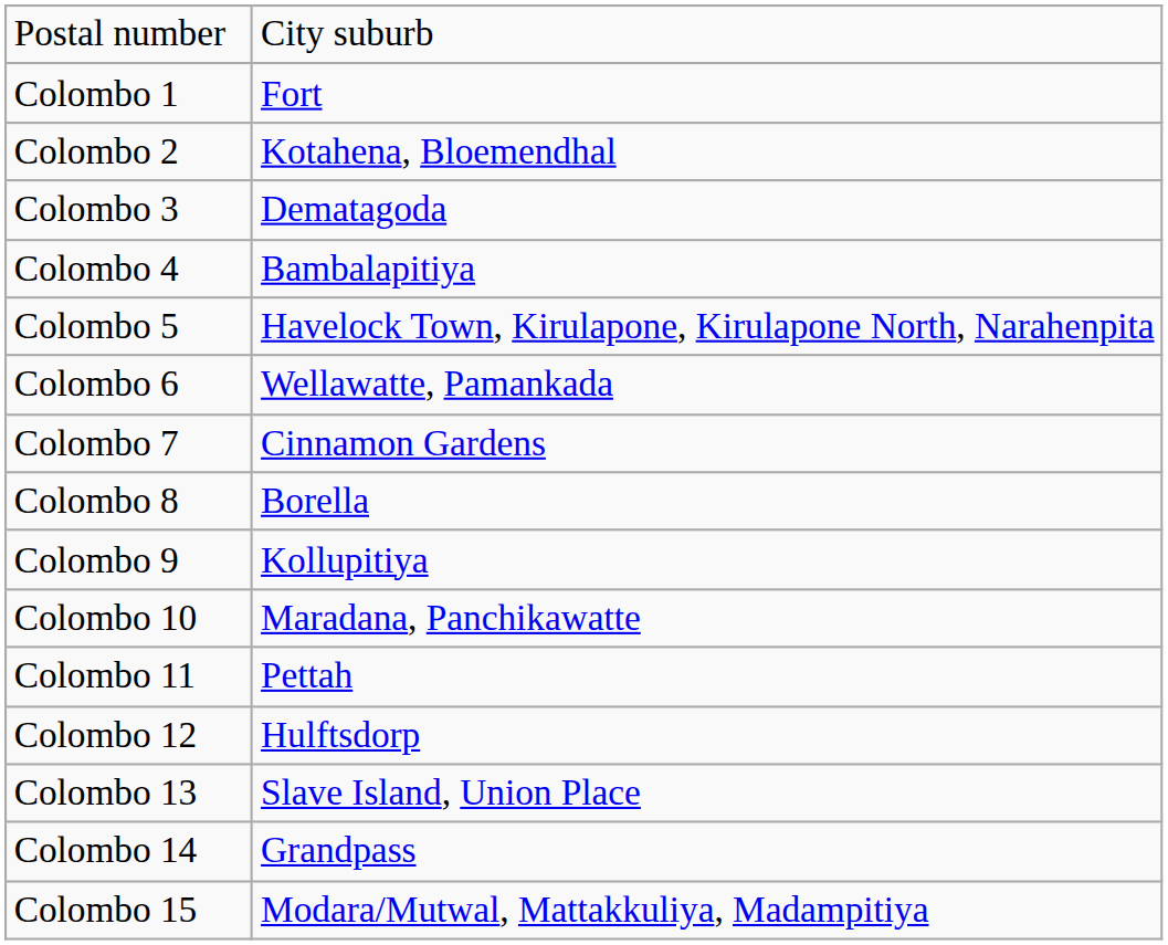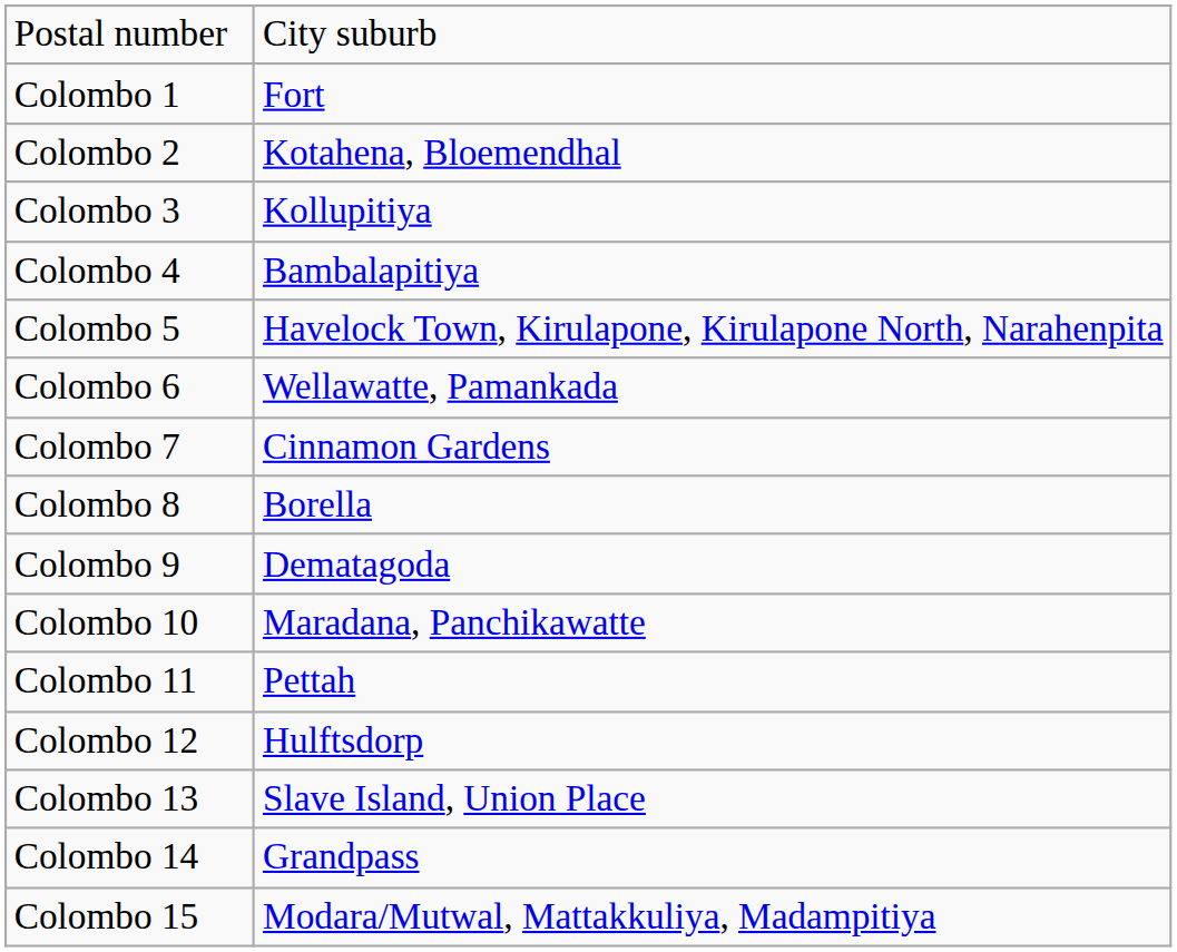 <table class="wikitable">
 <tr>
 <td style="width:100px;">Postal number</td>
 <td>City suburb</td>
 </tr>
 <tr>
 <td>Colombo 1</td>
 <td><a href='#'>Fort</a></td>
 </tr>
 <tr>
 <td>Colombo 2</td>
 <td><a href='#'>Kotahena</a>, <a href='#'>Bloemendhal</a></td>
 </tr>
 <tr>
 <td>Colombo 3</td>
-<td><a href='#'>Dematagoda</a></td>
+<td><a href='#'>Kollupitiya</a></td>
 </tr>
 <tr>
 <td>Colombo 4</td>
 <td><a href='#'>Bambalapitiya</a></td>
 </tr>
 <tr>
 <td>Colombo 5</td>
 <td><a href='#'>Havelock Town</a>, <a href='#'>Kirulapone</a>, <a href='#'>Kirulapone North</a>, <a href='#'>Narahenpita</a></td>
 </tr>
 <tr Narahenpita>
 <td>Colombo 6</td>
 <td><a href='#'>Wellawatte</a>, <a href='#'>Pamankada</a></td>
 </tr>
 <tr>
 <td>Colombo 7</td>
 <td><a href='#'>Cinnamon Gardens</a></td>
 </tr>
 <tr>
 <td>Colombo 8</td>
 <td><a href='#'>Borella</a></td>
 </tr>
 <tr>
 <td>Colombo 9</td>
-<td><a href='#'>Kollupitiya</a></td>
+<td><a href='#'>Dematagoda</a></td>
 </tr>
 <tr>
 <td>Colombo 10</td>
 <td><a href='#'>Maradana</a>, <a href='#'>Panchikawatte</a></td>
 </tr>
 <tr>
 <td>Colombo 11</td>
 <td><a href='#'>Pettah</a></td>
 </tr>
 <tr>
 <td>Colombo 12</td>
 <td><a href='#'>Hulftsdorp</a></td>
 </tr>
 <tr>
 <td>Colombo 13</td>
 <td><a href='#'>Slave Island</a>,  <a href='#'>Union Place</a></td>
 </tr>
 <tr>
 <td>Colombo 14</td>
 <td><a href='#'>Grandpass</a></td>
 </tr>
 <tr>
 <td>Colombo 15</td>
 <td><a href='#'>Modara/Mutwal</a>, <a href='#'>Mattakkuliya</a>, <a href='#'>Madampitiya</a></td>
 </tr>
 </table>
